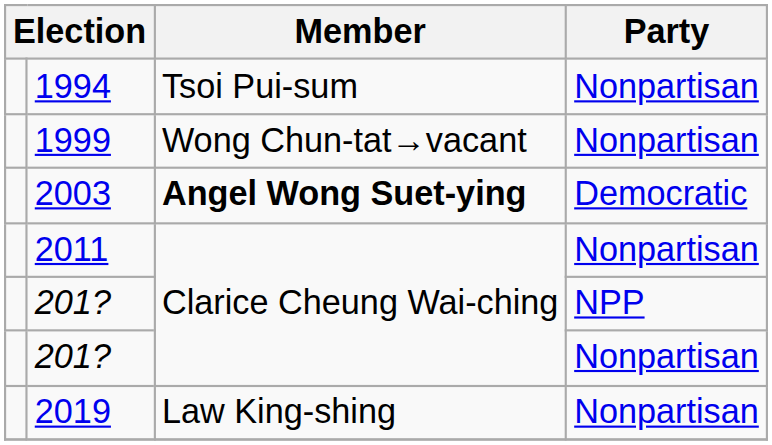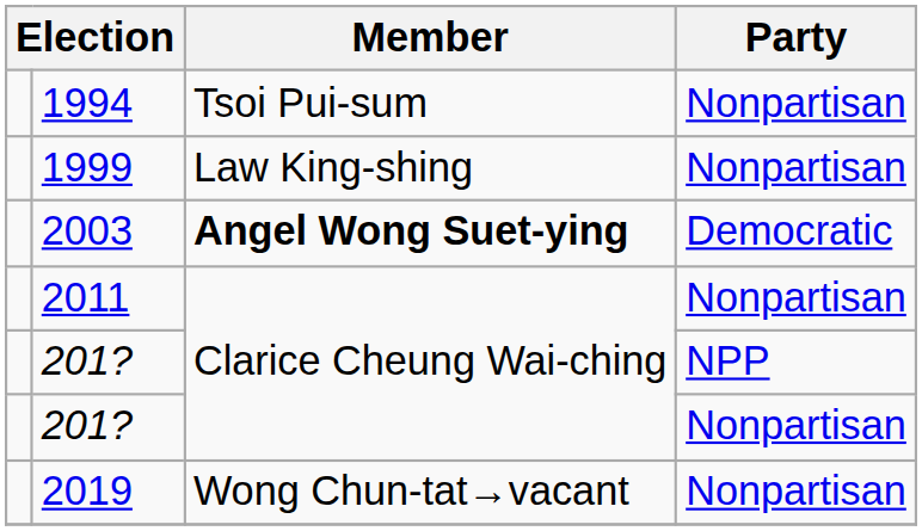 <table class="wikitable">
 <tr>
 <th colspan="2">Election</th>
 <th>Member</th>
 <th>Party</th>
 </tr>
 <tr>
 <td style="color:inherit;background:"></td>
 <td><a href='#'>1994</a></td>
 <td>Tsoi Pui-sum</td>
 <td><a href='#'>Nonpartisan</a></td>
 </tr>
 <tr>
 <td style="color:inherit;background:"></td>
 <td><a href='#'>1999</a></td>
-<td>Wong Chun-tat→vacant</td>
+<td>Law King-shing</td>
 <td><a href='#'>Nonpartisan</a></td>
 </tr>
 <tr>
 <td style="color:inherit;background:"></td>
 <td><a href='#'>2003</a></td>
 <td><strong>Angel Wong Suet-ying</strong></td>
 <td><a href='#'>Democratic</a></td>
 </tr>
 <tr>
 <td style="color:inherit;background:"></td>
 <td><a href='#'>2011</a></td>
 <td rowspan=3>Clarice Cheung Wai-ching</td>
 <td><a href='#'>Nonpartisan</a></td>
 </tr>
 <tr>
 <td style="color:inherit;background:"></td>
 <td><em>201?</em></td>
 <td><a href='#'>NPP</a></td>
 </tr>
 <tr>
 <td style="color:inherit;background:"></td>
 <td><em>201?</em></td>
 <td><a href='#'>Nonpartisan</a></td>
 </tr>
 <tr>
 <td style="color:inherit;background:"></td>
 <td><a href='#'>2019</a></td>
-<td>Law King-shing</td>
+<td>Wong Chun-tat→vacant</td>
 <td><a href='#'>Nonpartisan</a></td>
 </tr>
 <tr>
 </tr>
 </table>
